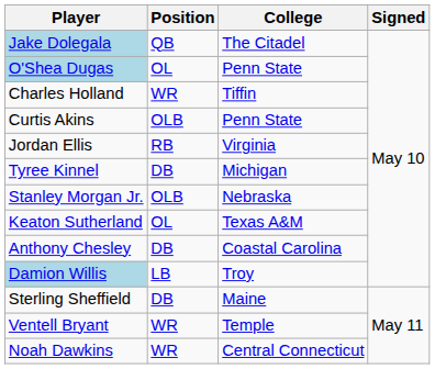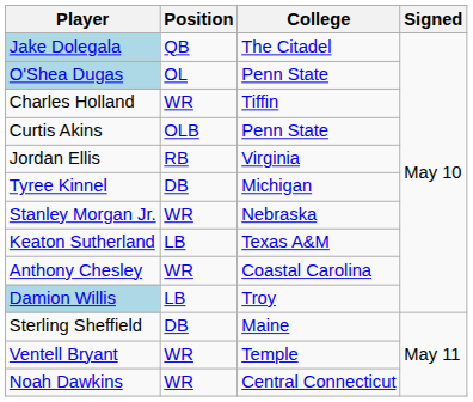 <table class="wikitable">
 <tr>
 <th>Player</th>
 <th>Position</th>
 <th>College</th>
 <th>Signed</th>
 </tr>
 <tr>
 <td style="background:#ADD8E6"><a href='#'>Jake Dolegala</a></td>
 <td><a href='#'>QB</a></td>
 <td><a href='#'>The Citadel</a></td>
 <td rowspan="10">May 10</td>
 </tr>
 <tr>
 <td style="background:#ADD8E6"><a href='#'>O'Shea Dugas</a></td>
 <td><a href='#'>OL</a></td>
 <td><a href='#'>Penn State</a></td>
 </tr>
 <tr>
 <td>Charles Holland</td>
 <td><a href='#'>WR</a></td>
 <td><a href='#'>Tiffin</a></td>
 </tr>
 <tr>
 <td>Curtis Akins</td>
 <td><a href='#'>OLB</a></td>
 <td><a href='#'>Penn State</a></td>
 </tr>
 <tr>
 <td>Jordan Ellis</td>
 <td><a href='#'>RB</a></td>
 <td><a href='#'>Virginia</a></td>
 </tr>
 <tr>
 <td><a href='#'>Tyree Kinnel</a></td>
 <td><a href='#'>DB</a></td>
 <td><a href='#'>Michigan</a></td>
 </tr>
 <tr>
 <td><a href='#'>Stanley Morgan Jr.</a></td>
-<td><a href='#'>OLB</a></td>
+<td><a href='#'>WR</a></td>
 <td><a href='#'>Nebraska</a></td>
 </tr>
 <tr>
 <td><a href='#'>Keaton Sutherland</a></td>
-<td><a href='#'>OL</a></td>
+<td><a href='#'>LB</a></td>
 <td><a href='#'>Texas A&M</a></td>
 </tr>
 <tr>
 <td><a href='#'>Anthony Chesley</a></td>
-<td><a href='#'>DB</a></td>
+<td><a href='#'>WR</a></td>
 <td><a href='#'>Coastal Carolina</a></td>
 </tr>
 <tr>
 <td style="background:#ADD8E6"><a href='#'>Damion Willis</a></td>
 <td><a href='#'>LB</a></td>
 <td><a href='#'>Troy</a></td>
 </tr>
 <tr>
 <td>Sterling Sheffield</td>
 <td><a href='#'>DB</a></td>
 <td><a href='#'>Maine</a></td>
 <td rowspan="3">May 11</td>
 </tr>
 <tr>
 <td><a href='#'>Ventell Bryant</a></td>
 <td><a href='#'>WR</a></td>
 <td><a href='#'>Temple</a></td>
 </tr>
 <tr>
 <td><a href='#'>Noah Dawkins</a></td>
 <td><a href='#'>WR</a></td>
 <td><a href='#'>Central Connecticut</a></td>
 </tr>
 </table>
